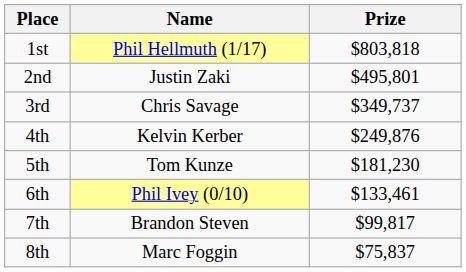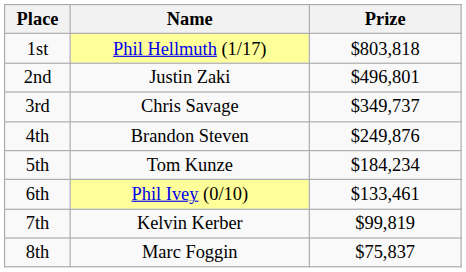 <table class="wikitable">
 <tr>
 <th width="50">Place</th>
 <th width="200">Name</th>
 <th width="125">Prize</th>
 </tr>
 <tr>
 <td align = "center">1st</td>
 <td align="center" style="background-color:#FFFF99;"> <a href='#'>Phil Hellmuth</a> (1/17)</td>
 <td align = "center">$803,818</td>
 </tr>
 <tr>
 <td align = "center">2nd</td>
 <td align = "center"> Justin Zaki</td>
-<td align = "center">$495,801</td>
+<td align = "center">$496,801</td>
 </tr>
 <tr>
 <td align = "center">3rd</td>
 <td align = "center"> Chris Savage</td>
 <td align = "center">$349,737</td>
 </tr>
 <tr>
 <td align = "center">4th</td>
-<td align = "center"> Kelvin Kerber</td>
+<td align = "center"> Brandon Steven</td>
 <td align = "center">$249,876</td>
 </tr>
 <tr>
 <td align = "center">5th</td>
 <td align = "center"> Tom Kunze</td>
-<td align = "center">$181,230</td>
+<td align = "center">$184,234</td>
 </tr>
 <tr>
 <td align = "center">6th</td>
 <td align="center" style="background-color:#FFFF99;"> <a href='#'>Phil Ivey</a> (0/10)</td>
 <td align = "center">$133,461</td>
 </tr>
 <tr>
 <td align = "center">7th</td>
-<td align = "center"> Brandon Steven</td>
-<td align = "center">$99,817</td>
+<td align = "center"> Kelvin Kerber</td>
+<td align = "center">$99,819</td>
 </tr>
 <tr>
 <td align = "center">8th</td>
 <td align = "center"> Marc Foggin</td>
 <td align = "center">$75,837</td>
 </tr>
 </table>
